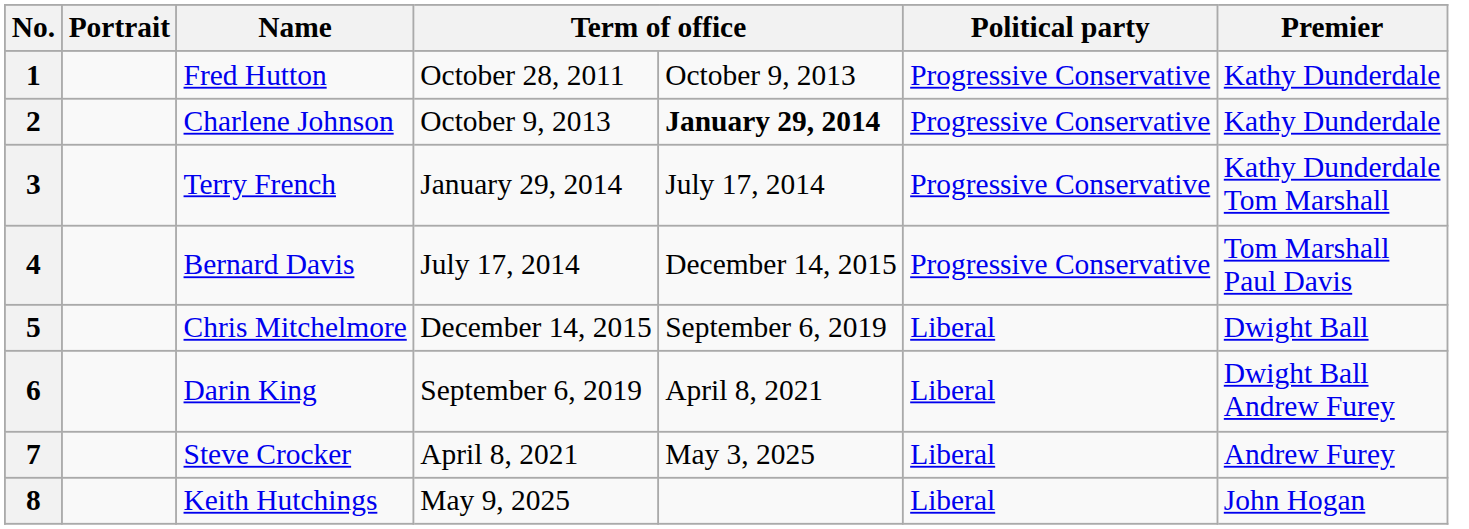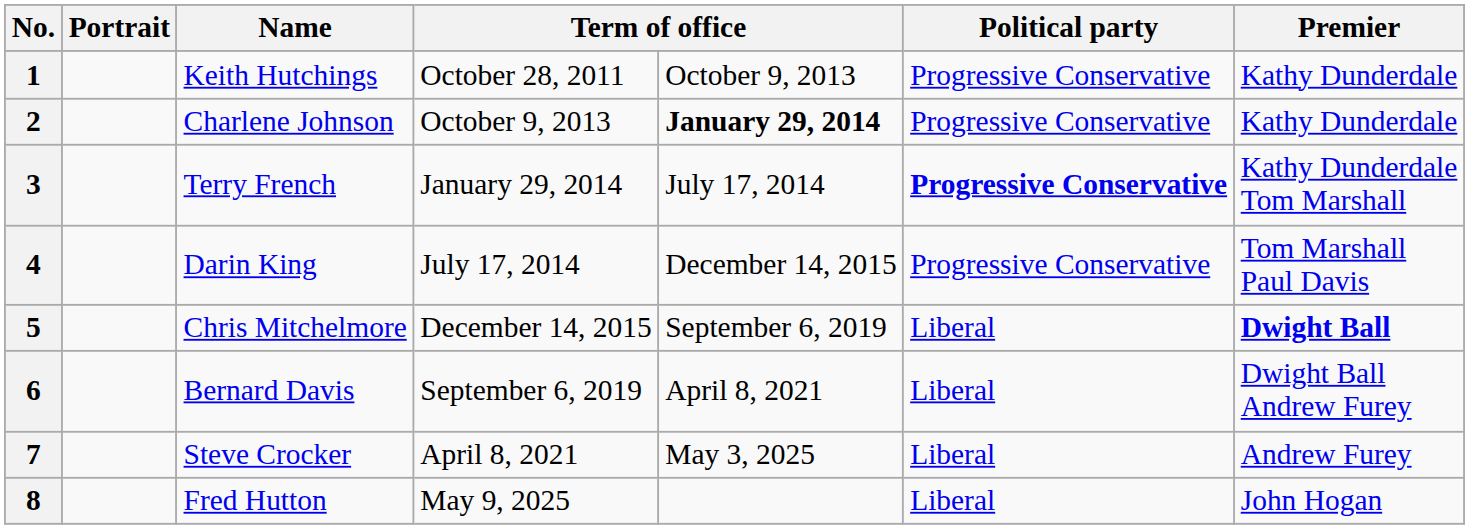 <table class="wikitable">
 <tr>
 <th>No.</th>
 <th>Portrait</th>
 <th>Name</th>
 <th colspan=2>Term of office</th>
 <th>Political party</th>
 <th>Premier</th>
 </tr>
 <tr>
 <th style="background:">1</th>
 <td></td>
-<td><a href='#'>Fred Hutton</a></td>
+<td><a href='#'>Keith Hutchings</a></td>
 <td>October 28, 2011</td>
 <td>October 9, 2013</td>
 <td><a href='#'>Progressive Conservative</a></td>
 <td><a href='#'>Kathy Dunderdale</a></td>
 </tr>
 <tr>
 <th style="background:">2</th>
 <td></td>
 <td><a href='#'>Charlene Johnson</a></td>
 <td>October 9, 2013</td>
 <td><strong>January 29, 2014</strong></td>
 <td><a href='#'>Progressive Conservative</a></td>
 <td><a href='#'>Kathy Dunderdale</a></td>
 </tr>
 <tr>
 <th style="background:">3</th>
 <td></td>
 <td><a href='#'>Terry French</a></td>
 <td>January 29, 2014</td>
 <td>July 17, 2014</td>
-<td><a href='#'>Progressive Conservative</a></td>
+<td><strong><a href='#'>Progressive Conservative</a></strong></td>
 <td><a href='#'>Kathy Dunderdale</a><br><a href='#'>Tom Marshall</a></td>
 </tr>
 <tr>
 <th style="background:">4</th>
 <td></td>
-<td><a href='#'>Bernard Davis</a></td>
+<td><a href='#'>Darin King</a></td>
 <td>July 17, 2014</td>
 <td>December 14, 2015</td>
 <td><a href='#'>Progressive Conservative</a></td>
 <td><a href='#'>Tom Marshall</a><br><a href='#'>Paul Davis</a></td>
 </tr>
 <tr>
 <th style="background:">5</th>
 <td></td>
 <td><a href='#'>Chris Mitchelmore</a></td>
 <td>December 14, 2015</td>
 <td>September 6, 2019</td>
 <td><a href='#'>Liberal</a></td>
-<td><a href='#'>Dwight Ball</a></td>
+<td><strong><a href='#'>Dwight Ball</a></strong></td>
 </tr>
 <tr>
 <th style="background:">6</th>
 <td></td>
-<td><a href='#'>Darin King</a></td>
+<td><a href='#'>Bernard Davis</a></td>
 <td>September 6, 2019</td>
 <td>April 8, 2021</td>
 <td><a href='#'>Liberal</a></td>
 <td><a href='#'>Dwight Ball</a><br><a href='#'>Andrew Furey</a></td>
 </tr>
 <tr>
 <th style="background:">7</th>
 <td></td>
 <td><a href='#'>Steve Crocker</a></td>
 <td>April 8, 2021</td>
 <td>May 3, 2025</td>
 <td><a href='#'>Liberal</a></td>
 <td><a href='#'>Andrew Furey</a></td>
 </tr>
 <tr>
 <th style="background:">8</th>
 <td></td>
-<td><a href='#'>Keith Hutchings</a></td>
+<td><a href='#'>Fred Hutton</a></td>
 <td>May 9, 2025</td>
 <td></td>
 <td><a href='#'> Liberal</a></td>
 <td><a href='#'>John Hogan</a></td>
 </tr>
 </table>
